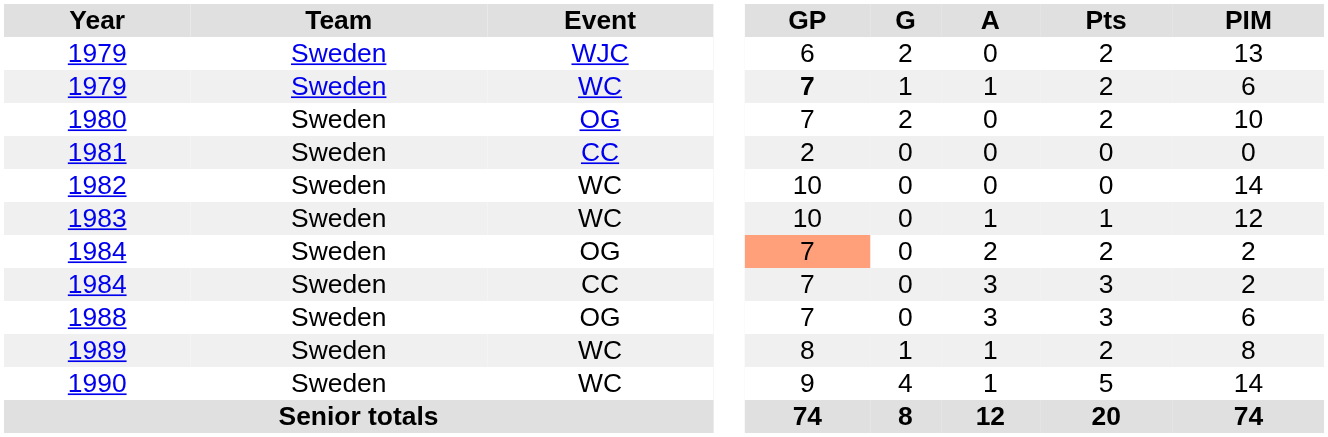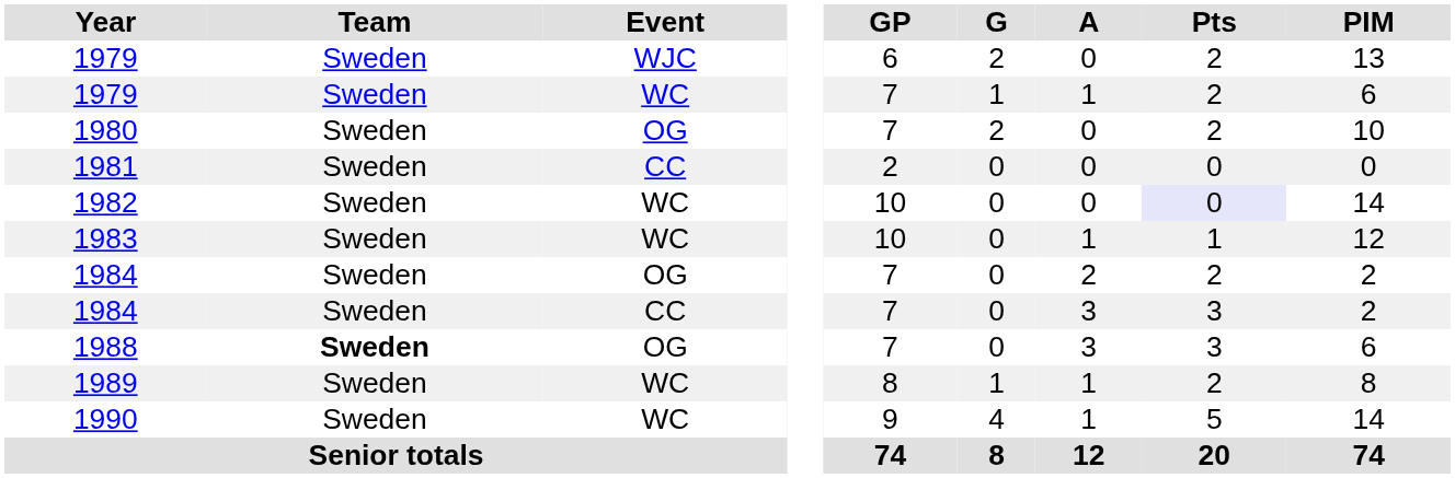 <table border="0" cellpadding="1" cellspacing="0" style="text-align:center; width:50em">
 <tr ALIGN="center" bgcolor="#e0e0e0">
 <th>Year</th>
 <th>Team</th>
 <th>Event</th>
 <th rowspan="99" bgcolor="#ffffff"> </th>
 <th>GP</th>
 <th>G</th>
 <th>A</th>
 <th>Pts</th>
 <th>PIM</th>
 </tr>
 <tr>
 <td><a href='#'>1979</a></td>
 <td><a href='#'>Sweden</a></td>
 <td><a href='#'>WJC</a></td>
 <td>6</td>
 <td>2</td>
 <td>0</td>
 <td>2</td>
 <td>13</td>
 </tr>
 <tr bgcolor="#f0f0f0">
 <td><a href='#'>1979</a></td>
 <td><a href='#'>Sweden</a></td>
 <td><a href='#'>WC</a></td>
-<td><strong>7</strong></td>
+<td>7</td>
 <td>1</td>
 <td>1</td>
 <td>2</td>
 <td>6</td>
 </tr>
 <tr>
 <td><a href='#'>1980</a></td>
 <td>Sweden</td>
 <td><a href='#'>OG</a></td>
 <td>7</td>
 <td>2</td>
 <td>0</td>
 <td>2</td>
 <td>10</td>
 </tr>
 <tr bgcolor="#f0f0f0">
 <td><a href='#'>1981</a></td>
 <td>Sweden</td>
 <td><a href='#'>CC</a></td>
 <td>2</td>
 <td>0</td>
 <td>0</td>
 <td>0</td>
 <td>0</td>
 </tr>
 <tr>
 <td><a href='#'>1982</a></td>
 <td>Sweden</td>
 <td>WC</td>
 <td>10</td>
 <td>0</td>
 <td>0</td>
-<td>0</td>
+<td style="background: lavender;">0</td>
 <td>14</td>
 </tr>
 <tr bgcolor="#f0f0f0">
 <td><a href='#'>1983</a></td>
 <td>Sweden</td>
 <td>WC</td>
 <td>10</td>
 <td>0</td>
 <td>1</td>
 <td>1</td>
 <td>12</td>
 </tr>
 <tr>
 <td><a href='#'>1984</a></td>
 <td>Sweden</td>
 <td>OG</td>
-<td style="background: lightsalmon;">7</td>
+<td>7</td>
 <td>0</td>
 <td>2</td>
 <td>2</td>
 <td>2</td>
 </tr>
 <tr bgcolor="#f0f0f0">
 <td><a href='#'>1984</a></td>
 <td>Sweden</td>
 <td>CC</td>
 <td>7</td>
 <td>0</td>
 <td>3</td>
 <td>3</td>
 <td>2</td>
 </tr>
 <tr>
 <td><a href='#'>1988</a></td>
-<td>Sweden</td>
+<td><strong>Sweden</strong></td>
 <td>OG</td>
 <td>7</td>
 <td>0</td>
 <td>3</td>
 <td>3</td>
 <td>6</td>
 </tr>
 <tr bgcolor="#f0f0f0">
 <td><a href='#'>1989</a></td>
 <td>Sweden</td>
 <td>WC</td>
 <td>8</td>
 <td>1</td>
 <td>1</td>
 <td>2</td>
 <td>8</td>
 </tr>
 <tr>
 <td><a href='#'>1990</a></td>
 <td>Sweden</td>
 <td>WC</td>
 <td>9</td>
 <td>4</td>
 <td>1</td>
 <td>5</td>
 <td>14</td>
 </tr>
 <tr bgcolor="#e0e0e0">
 <th colspan=3>Senior totals</th>
 <th>74</th>
 <th>8</th>
 <th>12</th>
 <th>20</th>
 <th>74</th>
 </tr>
 </table>
